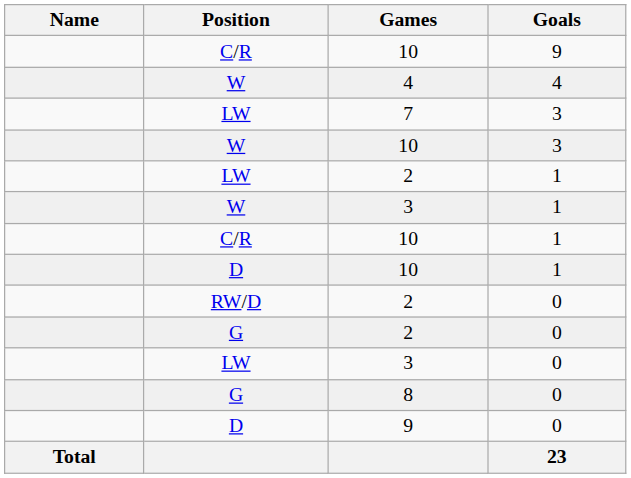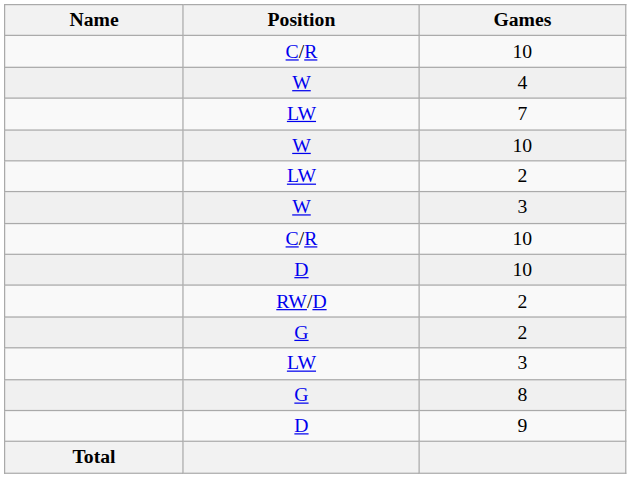 <table class="wikitable sortable" width ="40%">
 <tr align="center">
 <th><strong>Name</strong></th>
 <th><strong>Position</strong></th>
 <th><strong>Games</strong></th>
-<th><strong>Goals</strong></th>
 </tr>
 <tr align="center" bgcolor="">
 <td></td>
 <td><a href='#'>C</a>/<a href='#'>R</a></td>
 <td>10</td>
-<td>9</td>
 </tr>
 <tr align="center" bgcolor="f0f0f0">
 <td></td>
 <td><a href='#'>W</a></td>
-<td>4</td>
 <td>4</td>
 </tr>
 <tr align="center" bgcolor="">
 <td></td>
 <td><a href='#'>LW</a></td>
 <td>7</td>
-<td>3</td>
 </tr>
 <tr align="center" bgcolor="f0f0f0">
 <td></td>
 <td><a href='#'>W</a></td>
 <td>10</td>
-<td>3</td>
 </tr>
 <tr align="center" bgcolor="">
 <td></td>
 <td><a href='#'>LW</a></td>
 <td>2</td>
-<td>1</td>
 </tr>
 <tr align="center" bgcolor="f0f0f0">
 <td></td>
 <td><a href='#'>W</a></td>
 <td>3</td>
-<td>1</td>
 </tr>
 <tr align="center" bgcolor="">
 <td></td>
 <td><a href='#'>C</a>/<a href='#'>R</a></td>
 <td>10</td>
-<td>1</td>
 </tr>
 <tr align="center" bgcolor="f0f0f0">
 <td></td>
 <td><a href='#'>D</a></td>
 <td>10</td>
-<td>1</td>
 </tr>
 <tr align="center" bgcolor="">
 <td></td>
 <td><a href='#'>RW</a>/<a href='#'>D</a></td>
 <td>2</td>
-<td>0</td>
 </tr>
 <tr align="center" bgcolor="f0f0f0">
 <td></td>
 <td><a href='#'>G</a></td>
 <td>2</td>
-<td>0</td>
 </tr>
 <tr align="center" bgcolor="">
 <td></td>
 <td><a href='#'>LW</a></td>
 <td>3</td>
-<td>0</td>
 </tr>
 <tr align="center" bgcolor="f0f0f0">
 <td></td>
 <td><a href='#'>G</a></td>
 <td>8</td>
-<td>0</td>
 </tr>
 <tr align="center" bgcolor="">
 <td></td>
 <td><a href='#'>D</a></td>
 <td>9</td>
-<td>0</td>
 </tr>
 <tr>
 <th>Total</th>
 <th></th>
 <th></th>
-<th>23</th>
 </tr>
 </table>
